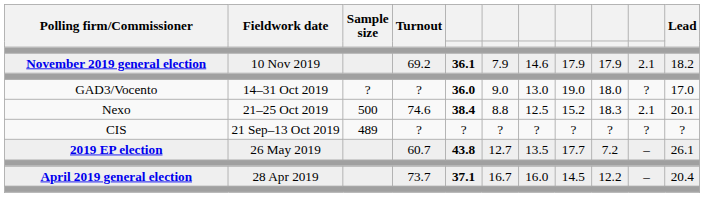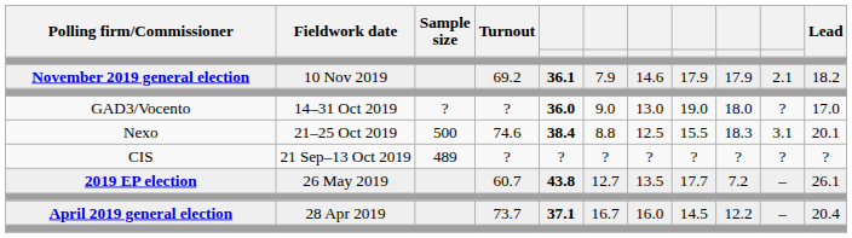 <table class="wikitable collapsible collapsed" style="text-align:center; font-size:95%; line-height:16px;">
 <tr style="height:42px;">
 <th style="width:250px;" rowspan="2">Polling firm/Commissioner</th>
 <th style="width:125px;" rowspan="2">Fieldwork date</th>
 <th style="width:50px;" rowspan="2">Sample size</th>
 <th style="width:45px;" rowspan="2">Turnout</th>
 <th style="width:35px;"></th>
 <th style="width:35px;"></th>
 <th style="width:35px;"></th>
 <th style="width:35px;"></th>
 <th style="width:35px;"></th>
 <th style="width:35px;"></th>
 <th style="width:30px;" rowspan="2">Lead</th>
 </tr>
 <tr>
 <th style="color:inherit;background:"></th>
 <th style="color:inherit;background:"></th>
 <th style="color:inherit;background:"></th>
 <th style="color:inherit;background:"></th>
 <th style="color:inherit;background:"></th>
 <th style="color:inherit;background:"></th>
 </tr>
 <tr>
 <td colspan="11" style="background:#A0A0A0"></td>
 </tr>
 <tr style="background:#EFEFEF;">
 <td><strong><a href='#'>November 2019 general election</a></strong></td>
 <td>10 Nov 2019</td>
 <td></td>
 <td>69.2</td>
 <td><strong>36.1</strong><br></td>
 <td>7.9<br></td>
 <td>14.6<br></td>
 <td>17.9<br></td>
 <td>17.9<br></td>
 <td>2.1<br></td>
 <td style="background:">18.2</td>
 </tr>
 <tr>
 <td colspan="11" style="background:#A0A0A0"></td>
 </tr>
 <tr>
 <td>GAD3/Vocento</td>
 <td>14–31 Oct 2019</td>
 <td>?</td>
 <td>?</td>
 <td><strong>36.0</strong><br></td>
 <td>9.0<br></td>
 <td>13.0<br></td>
 <td>19.0<br></td>
 <td>18.0<br></td>
 <td>?<br></td>
 <td style="background:">17.0</td>
 </tr>
 <tr>
 <td>Nexo</td>
 <td>21–25 Oct 2019</td>
 <td>500</td>
 <td>74.6</td>
 <td><strong>38.4</strong><br></td>
 <td>8.8<br></td>
 <td>12.5<br></td>
-<td>15.2<br></td>
+<td>15.5<br></td>
 <td>18.3<br></td>
-<td>2.1<br></td>
+<td>3.1<br></td>
 <td style="background:">20.1</td>
 </tr>
 <tr>
 <td>CIS</td>
 <td>21 Sep–13 Oct 2019</td>
 <td>489</td>
 <td>?</td>
 <td>?<br></td>
 <td>?<br></td>
 <td>?<br></td>
 <td>?<br></td>
 <td>?<br></td>
 <td>?<br></td>
 <td style="background:">?</td>
 </tr>
 <tr style="background:#EFEFEF;">
 <td><strong><a href='#'>2019 EP election</a></strong></td>
 <td>26 May 2019</td>
 <td></td>
 <td>60.7</td>
 <td><strong>43.8</strong><br></td>
 <td>12.7<br></td>
 <td>13.5<br></td>
 <td>17.7<br></td>
 <td>7.2<br></td>
 <td>–</td>
 <td style="background:">26.1</td>
 </tr>
 <tr>
 <td colspan="11" style="background:#A0A0A0"></td>
 </tr>
 <tr style="background:#EFEFEF;">
 <td><strong><a href='#'>April 2019 general election</a></strong></td>
 <td>28 Apr 2019</td>
 <td></td>
 <td>73.7</td>
 <td><strong>37.1</strong><br></td>
 <td>16.7<br></td>
 <td>16.0<br></td>
 <td>14.5<br></td>
 <td>12.2<br></td>
 <td>–</td>
 <td style="background:">20.4</td>
 </tr>
 <tr>
 <td colspan="11" style="background:#A0A0A0"></td>
 </tr>
 </table>
